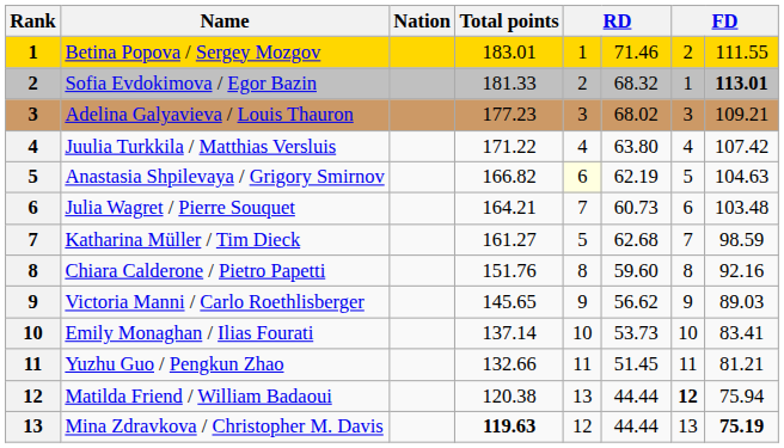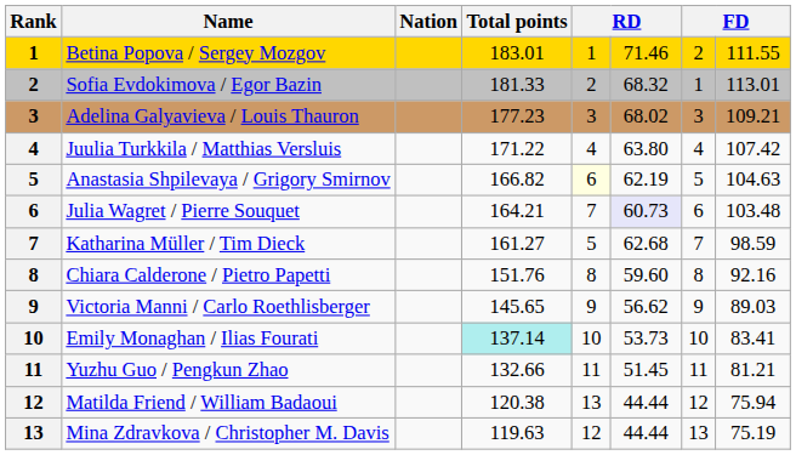 <table class="wikitable sortable">
 <tr>
 <th>Rank</th>
 <th>Name</th>
 <th>Nation</th>
 <th>Total points</th>
 <th colspan="2" width="80px"><a href='#'>RD</a></th>
 <th colspan="2" width="80px"><a href='#'>FD</a></th>
 </tr>
 <tr bgcolor="gold">
 <td align="center"><strong>1</strong></td>
 <td><a href='#'>Betina Popova</a> / <a href='#'>Sergey Mozgov</a></td>
 <td></td>
 <td align="center">183.01</td>
 <td align="center">1</td>
 <td align="center">71.46</td>
 <td align="center">2</td>
 <td align="center">111.55</td>
 </tr>
 <tr bgcolor="silver">
 <td align="center"><strong>2</strong></td>
 <td><a href='#'>Sofia Evdokimova</a> / <a href='#'>Egor Bazin</a></td>
 <td></td>
 <td align="center">181.33</td>
 <td align="center">2</td>
 <td align="center">68.32</td>
 <td align="center">1</td>
-<td align="center"><strong>113.01</strong></td>
+<td align="center">113.01</td>
 </tr>
 <tr bgcolor="#cc9966">
 <td align="center"><strong>3</strong></td>
 <td><a href='#'>Adelina Galyavieva</a> / <a href='#'>Louis Thauron</a></td>
 <td></td>
 <td align="center">177.23</td>
 <td align="center">3</td>
 <td align="center">68.02</td>
 <td align="center">3</td>
 <td align="center">109.21</td>
 </tr>
 <tr>
 <th>4</th>
 <td><a href='#'>Juulia Turkkila</a> / <a href='#'>Matthias Versluis</a></td>
 <td></td>
 <td align="center">171.22</td>
 <td align="center">4</td>
 <td align="center">63.80</td>
 <td align="center">4</td>
 <td align="center">107.42</td>
 </tr>
 <tr>
 <th>5</th>
 <td><a href='#'>Anastasia Shpilevaya</a> / <a href='#'>Grigory Smirnov</a></td>
 <td></td>
 <td align="center">166.82</td>
 <td align="center" style="background: lightyellow;">6</td>
 <td align="center">62.19</td>
 <td align="center">5</td>
 <td align="center">104.63</td>
 </tr>
 <tr>
 <th>6</th>
 <td><a href='#'>Julia Wagret</a> / <a href='#'>Pierre Souquet</a></td>
 <td></td>
 <td align="center">164.21</td>
 <td align="center">7</td>
-<td align="center">60.73</td>
+<td align="center" style="background: lavender;">60.73</td>
 <td align="center">6</td>
 <td align="center">103.48</td>
 </tr>
 <tr>
 <th>7</th>
 <td><a href='#'>Katharina Müller</a> / <a href='#'>Tim Dieck</a></td>
 <td></td>
 <td align="center">161.27</td>
 <td align="center">5</td>
 <td align="center">62.68</td>
 <td align="center">7</td>
 <td align="center">98.59</td>
 </tr>
 <tr>
 <th>8</th>
 <td><a href='#'>Chiara Calderone</a> / <a href='#'>Pietro Papetti</a></td>
 <td></td>
 <td align="center">151.76</td>
 <td align="center">8</td>
 <td align="center">59.60</td>
 <td align="center">8</td>
 <td align="center">92.16</td>
 </tr>
 <tr>
 <th>9</th>
 <td><a href='#'>Victoria Manni</a> / <a href='#'>Carlo Roethlisberger</a></td>
 <td></td>
 <td align="center">145.65</td>
 <td align="center">9</td>
 <td align="center">56.62</td>
 <td align="center">9</td>
 <td align="center">89.03</td>
 </tr>
 <tr>
 <th>10</th>
 <td><a href='#'>Emily Monaghan</a> / <a href='#'>Ilias Fourati</a></td>
 <td></td>
-<td align="center">137.14</td>
+<td align="center" style="background: paleturquoise;">137.14</td>
 <td align="center">10</td>
 <td align="center">53.73</td>
 <td align="center">10</td>
 <td align="center">83.41</td>
 </tr>
 <tr>
 <th>11</th>
 <td><a href='#'>Yuzhu Guo</a> / <a href='#'>Pengkun Zhao</a></td>
 <td></td>
 <td align="center">132.66</td>
 <td align="center">11</td>
 <td align="center">51.45</td>
 <td align="center">11</td>
 <td align="center">81.21</td>
 </tr>
 <tr>
 <th>12</th>
 <td><a href='#'>Matilda Friend</a> / <a href='#'>William Badaoui</a></td>
 <td></td>
 <td align="center">120.38</td>
 <td align="center">13</td>
 <td align="center">44.44</td>
-<td align="center"><strong>12</strong></td>
+<td align="center">12</td>
 <td align="center">75.94</td>
 </tr>
 <tr>
 <th>13</th>
 <td><a href='#'>Mina Zdravkova</a> / <a href='#'>Christopher M. Davis</a></td>
 <td></td>
-<td align="center"><strong>119.63</strong></td>
+<td align="center">119.63</td>
 <td align="center">12</td>
 <td align="center">44.44</td>
 <td align="center">13</td>
-<td align="center"><strong>75.19</strong></td>
+<td align="center">75.19</td>
 </tr>
 </table>
